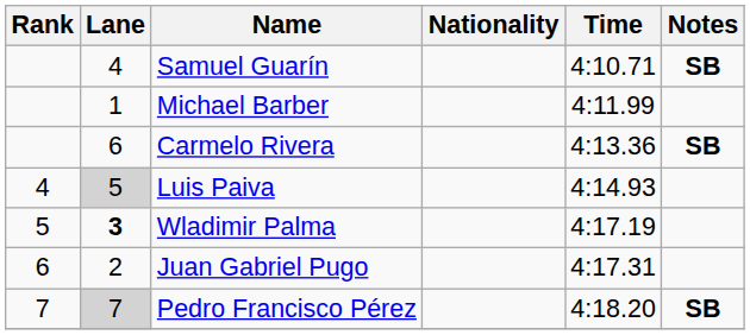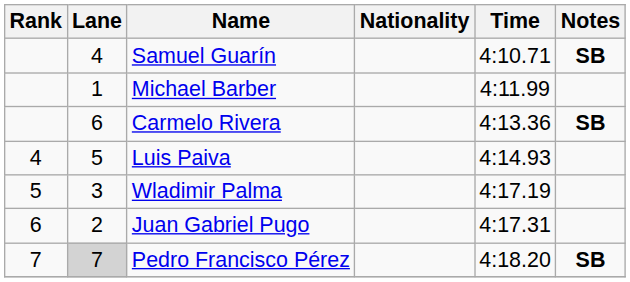 <table class="wikitable sortable" style="text-align:center">
 <tr>
 <th>Rank</th>
 <th>Lane</th>
 <th>Name</th>
 <th>Nationality</th>
 <th>Time</th>
 <th>Notes</th>
 </tr>
 <tr>
 <td></td>
 <td>4</td>
 <td align=left><a href='#'>Samuel Guarín</a></td>
 <td align=left></td>
 <td>4:10.71</td>
 <td><strong>SB</strong></td>
 </tr>
 <tr>
 <td></td>
 <td>1</td>
 <td align=left><a href='#'>Michael Barber</a></td>
 <td align=left></td>
 <td>4:11.99</td>
 <td></td>
 </tr>
 <tr>
 <td></td>
 <td>6</td>
 <td align=left><a href='#'>Carmelo Rivera</a></td>
 <td align=left></td>
 <td>4:13.36</td>
 <td><strong>SB</strong></td>
 </tr>
 <tr>
 <td>4</td>
-<td style="background: lightgrey;">5</td>
+<td>5</td>
 <td align=left><a href='#'>Luis Paiva</a></td>
 <td align=left></td>
 <td>4:14.93</td>
 <td></td>
 </tr>
 <tr>
 <td>5</td>
-<td><strong>3</strong></td>
+<td>3</td>
 <td align=left><a href='#'>Wladimir Palma</a></td>
 <td align=left></td>
 <td>4:17.19</td>
 <td></td>
 </tr>
 <tr>
 <td>6</td>
 <td>2</td>
 <td align=left><a href='#'>Juan Gabriel Pugo</a></td>
 <td align=left></td>
 <td>4:17.31</td>
 <td></td>
 </tr>
 <tr>
 <td>7</td>
 <td style="background: lightgrey;">7</td>
 <td align=left><a href='#'>Pedro Francisco Pérez</a></td>
 <td align=left></td>
 <td>4:18.20</td>
 <td><strong>SB</strong></td>
 </tr>
 <tr>
 </tr>
 </table>
